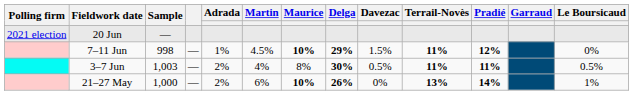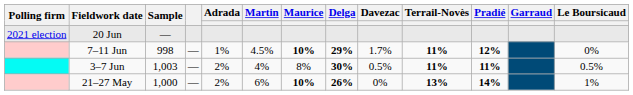 <table class="wikitable" style="text-align:center;font-size:88%;line-height:14px;">
 <tr>
 <th rowspan="2">Polling firm</th>
 <th rowspan="2">Fieldwork date</th>
 <th rowspan="2">Sample</th>
 <th rowspan="2"></th>
 <th>Adrada<br></th>
 <th><a href='#'>Martin</a><br></th>
 <th><a href='#'>Maurice</a><br></th>
 <th><a href='#'>Delga</a><br></th>
 <th>Davezac<br></th>
 <th>Terrail-Novès<br></th>
 <th><a href='#'>Pradié</a><br></th>
 <th><a href='#'>Garraud</a><br></th>
 <th>Le Boursicaud<br></th>
 </tr>
 <tr>
 <th style="background:"></th>
 <th style="background:"></th>
 <th style="background:"></th>
 <th style="background:"></th>
 <th style="background:"></th>
 <th style="background:"></th>
 <th style="background:"></th>
 <th style="background:"></th>
 <th style="background:"></th>
 </tr>
 <tr style="background:#E9E9E9;">
 <td><a href='#'>2021 election</a></td>
 <td data-sort-value="2021-06-20">20 Jun</td>
 <td>—</td>
 <td></td>
 <td></td>
 <td></td>
 <td></td>
 <td></td>
 <td></td>
 <td></td>
 <td></td>
 <td></td>
 <td></td>
 </tr>
 <tr>
 <td style="background:#FFCCCC;"></td>
 <td>7–11 Jun</td>
 <td>998</td>
 <td>—</td>
 <td>1%</td>
 <td>4.5%</td>
 <td><strong>10%</strong></td>
 <td><strong>29%</strong></td>
-<td>1.5%</td>
+<td>1.7%</td>
 <td><strong>11%</strong></td>
 <td><strong>12%</strong></td>
 <td style="background:#004A77;"><strong></strong></td>
 <td>0%</td>
 </tr>
 <tr>
 <td style="background:#04FBF4;"></td>
 <td>3–7 Jun</td>
 <td>1,003</td>
 <td>—</td>
 <td>2%</td>
 <td>4%</td>
 <td>8%</td>
 <td><strong>30%</strong></td>
 <td>0.5%</td>
 <td><strong>11%</strong></td>
 <td><strong>11%</strong></td>
 <td style="background:#004A77;"><strong></strong></td>
 <td>0.5%</td>
 </tr>
 <tr>
 <td style="background:#FFCCCC;"></td>
 <td>21–27 May</td>
 <td>1,000</td>
 <td>—</td>
 <td>2%</td>
 <td>6%</td>
 <td><strong>10%</strong></td>
 <td><strong>26%</strong></td>
 <td>0%</td>
 <td><strong>13%</strong></td>
 <td><strong>14%</strong></td>
 <td style="background:#004A77;"><strong></strong></td>
 <td>1%</td>
 </tr>
 </table>
